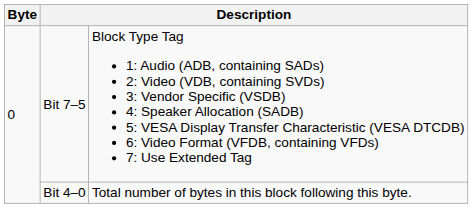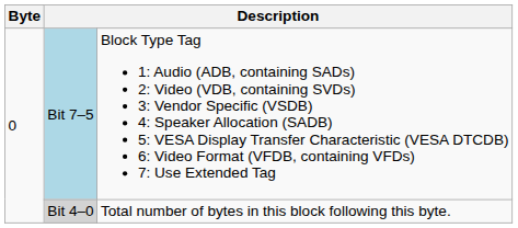 <table class="wikitable">
 <tr>
 <th>Byte</th>
 <th colspan=2>Description</th>
 </tr>
 <tr>
 <td rowspan=2>0</td>
-<td>Bit 7–5</td>
+<td style="background: lightblue;">Bit 7–5</td>
 <td>Block Type Tag<br><ul><li> 1: Audio (ADB, containing SADs)</li><li> 2: Video (VDB, containing SVDs)</li><li> 3: Vendor Specific (VSDB)</li><li> 4: Speaker Allocation (SADB)</li><li> 5: VESA Display Transfer Characteristic (VESA DTCDB)</li><li> 6: Video Format (VFDB, containing VFDs)</li><li> 7: Use Extended Tag</li></ul></td>
 </tr>
 <tr>
-<td>Bit 4–0</td>
+<td style="background: lightgrey;">Bit 4–0</td>
 <td>Total number of bytes in this block following this byte.</td>
 </tr>
 </table>
